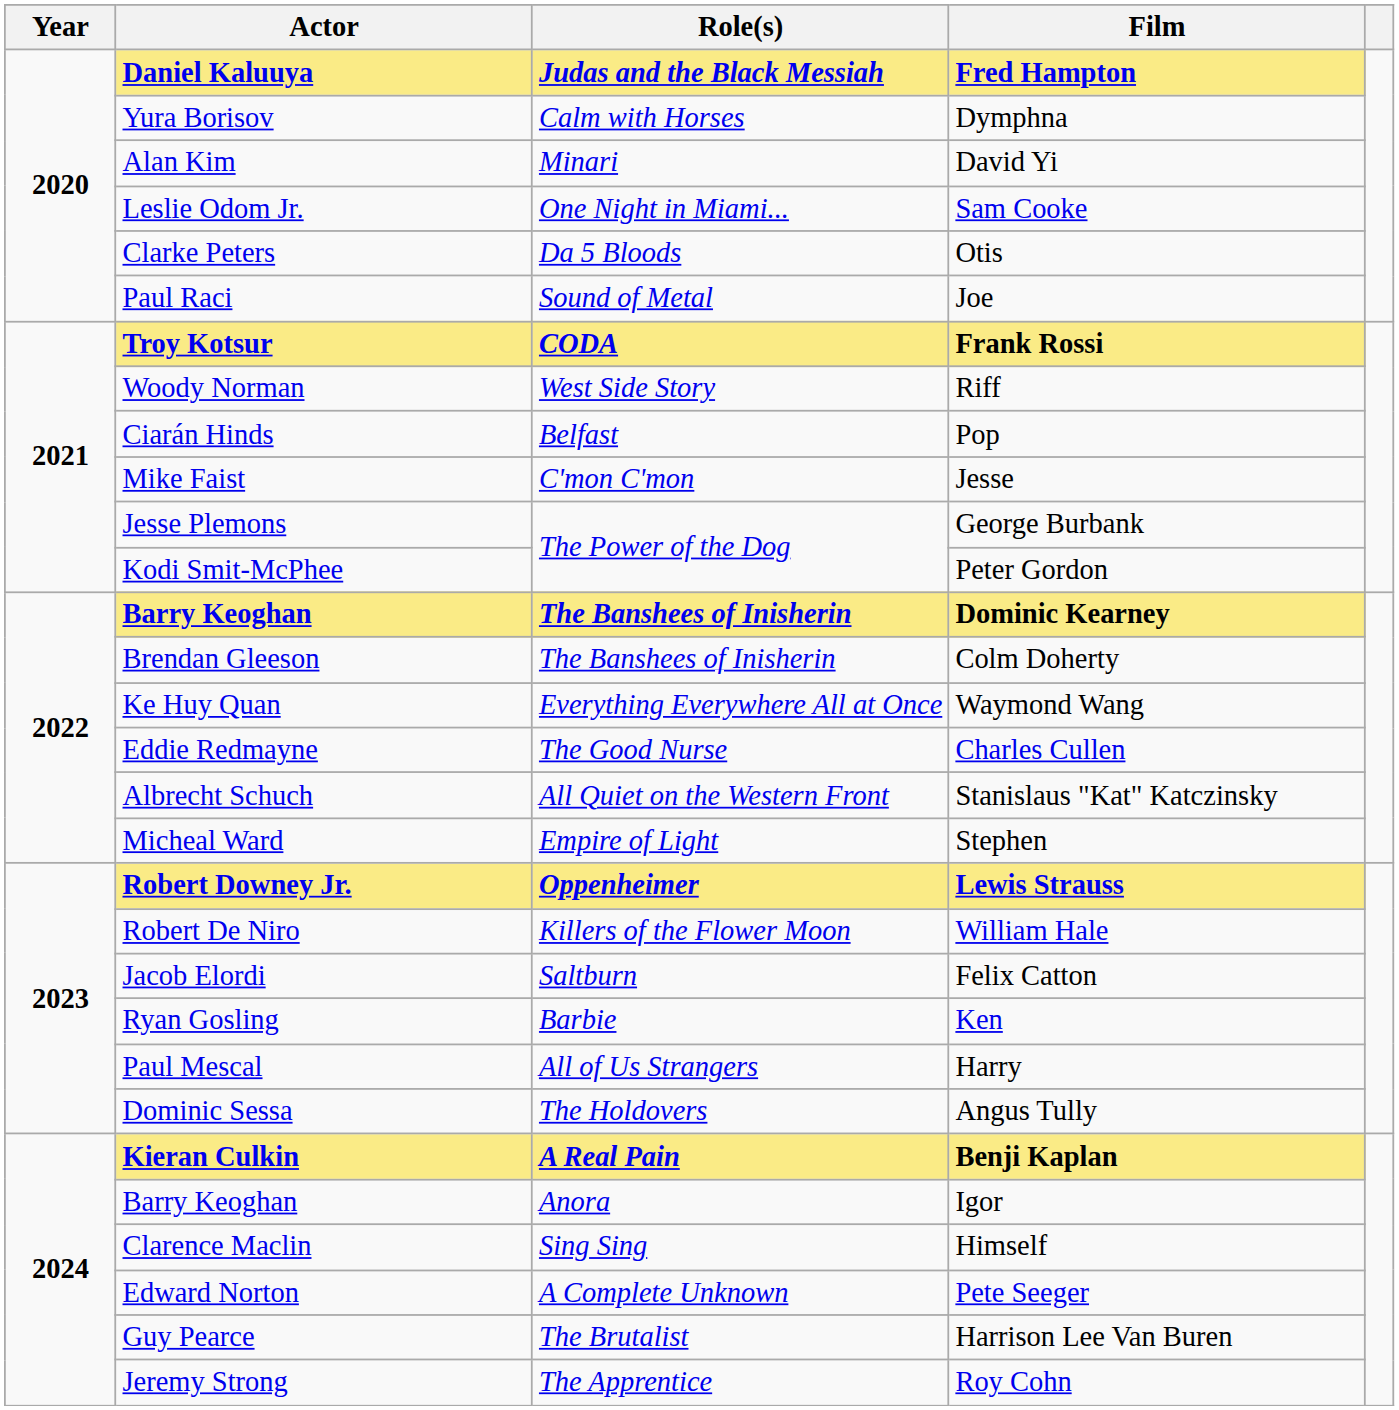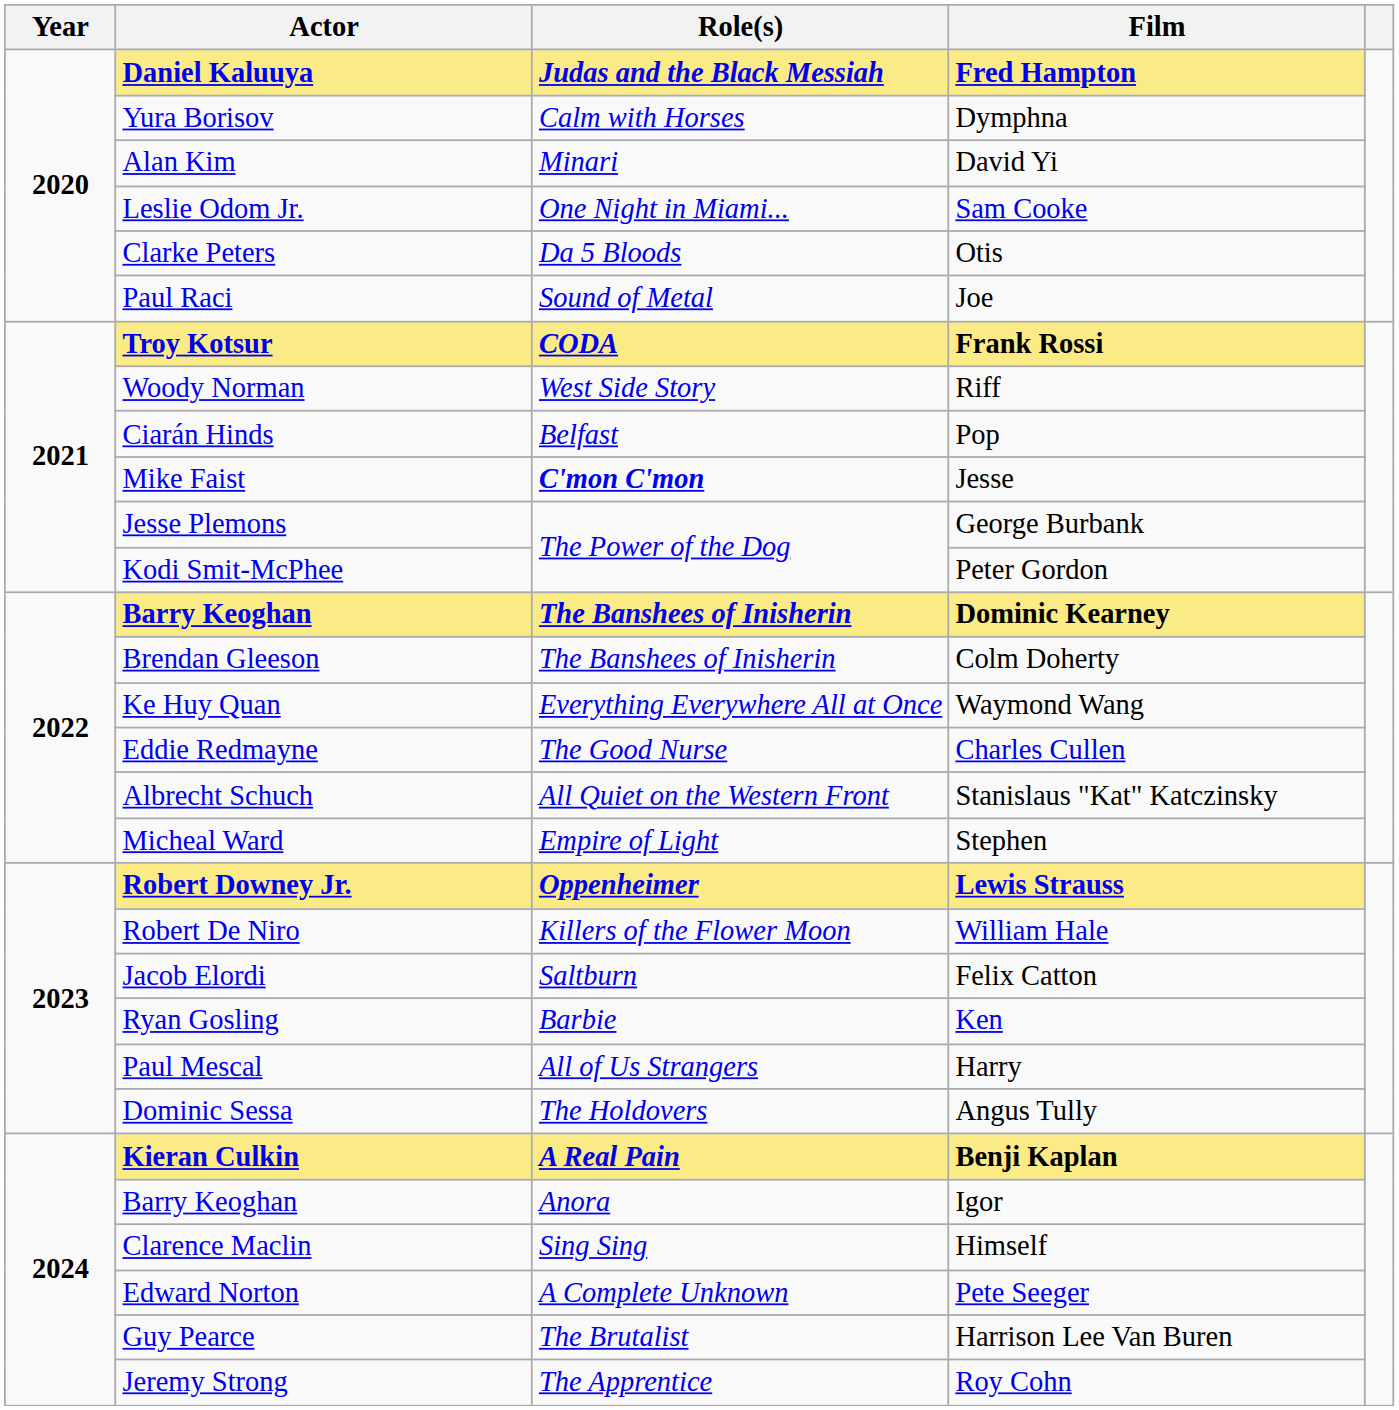 <table class="wikitable sortable">
 <tr>
 <th scope="col" style="width:8%;">Year</th>
 <th scope="col" style="width:30%;">Actor</th>
 <th scope="col" style="width:30%;">Role(s)</th>
 <th scope="col" style="width:30%;">Film</th>
 <th scope="col" style="width:2%;" class="unsortable"></th>
 </tr>
 <tr>
 <td rowspan="6", align=center><strong>2020</strong><br></td>
 <td style="background:#FAEB86"><strong><a href='#'>Daniel Kaluuya</a></strong></td>
 <td style="background:#FAEB86"><strong><em><a href='#'>Judas and the Black Messiah</a></em></strong></td>
 <td style="background:#FAEB86"><strong><a href='#'>Fred Hampton</a></strong></td>
 <td rowspan=6></td>
 </tr>
 <tr>
 <td><a href='#'>Yura Borisov</a></td>
 <td><em><a href='#'>Calm with Horses</a></em></td>
 <td>Dymphna</td>
 </tr>
 <tr>
 <td><a href='#'>Alan Kim</a></td>
 <td><em><a href='#'>Minari</a></em></td>
 <td>David Yi</td>
 </tr>
 <tr>
 <td><a href='#'>Leslie Odom Jr.</a></td>
 <td><em><a href='#'>One Night in Miami...</a></em></td>
 <td><a href='#'>Sam Cooke</a></td>
 </tr>
 <tr>
 <td><a href='#'>Clarke Peters</a></td>
 <td><em><a href='#'>Da 5 Bloods</a></em></td>
 <td>Otis</td>
 </tr>
 <tr>
 <td><a href='#'>Paul Raci</a></td>
 <td><em><a href='#'>Sound of Metal</a></em></td>
 <td>Joe</td>
 </tr>
 <tr>
 <td rowspan="6", align=center><strong>2021</strong><br></td>
 <td style="background:#FAEB86"><strong><a href='#'>Troy Kotsur</a></strong></td>
 <td style="background:#FAEB86"><strong><em><a href='#'>CODA</a></em></strong></td>
 <td style="background:#FAEB86"><strong>Frank Rossi</strong></td>
 <td rowspan=6></td>
 </tr>
 <tr>
 <td><a href='#'>Woody Norman</a></td>
 <td><em><a href='#'>West Side Story</a></em></td>
 <td>Riff</td>
 </tr>
 <tr>
 <td><a href='#'>Ciarán Hinds</a></td>
 <td><em><a href='#'>Belfast</a></em></td>
 <td>Pop</td>
 </tr>
 <tr>
 <td><a href='#'>Mike Faist</a></td>
-<td><em><a href='#'>C'mon C'mon</a></em></td>
+<td><strong><em><a href='#'>C'mon C'mon</a></em></strong></td>
 <td>Jesse</td>
 </tr>
 <tr>
 <td><a href='#'>Jesse Plemons</a></td>
 <td rowspan="2"><em><a href='#'>The Power of the Dog</a></em></td>
 <td>George Burbank</td>
 </tr>
 <tr>
 <td><a href='#'>Kodi Smit-McPhee</a></td>
 <td>Peter Gordon</td>
 </tr>
 <tr>
 <td rowspan="6", align=center><strong>2022</strong><br></td>
 <td style="background:#FAEB86"><strong><a href='#'>Barry Keoghan</a></strong></td>
 <td style="background:#FAEB86"><strong><em><a href='#'>The Banshees of Inisherin</a></em></strong></td>
 <td style="background:#FAEB86"><strong>Dominic Kearney</strong></td>
 <td rowspan=6></td>
 </tr>
 <tr>
 <td><a href='#'>Brendan Gleeson</a></td>
 <td><em><a href='#'>The Banshees of Inisherin</a></em></td>
 <td>Colm Doherty</td>
 </tr>
 <tr>
 <td><a href='#'>Ke Huy Quan</a></td>
 <td><em><a href='#'>Everything Everywhere All at Once</a></em></td>
 <td>Waymond Wang</td>
 </tr>
 <tr>
 <td><a href='#'>Eddie Redmayne</a></td>
 <td><em><a href='#'>The Good Nurse</a></em></td>
 <td><a href='#'>Charles Cullen</a></td>
 </tr>
 <tr>
 <td><a href='#'>Albrecht Schuch</a></td>
 <td><em><a href='#'>All Quiet on the Western Front</a></em></td>
 <td>Stanislaus "Kat" Katczinsky</td>
 </tr>
 <tr>
 <td><a href='#'>Micheal Ward</a></td>
 <td><em><a href='#'>Empire of Light</a></em></td>
 <td>Stephen</td>
 </tr>
 <tr>
 <td rowspan="6", align=center><strong>2023</strong><br></td>
 <td style="background:#FAEB86"><strong><a href='#'>Robert Downey Jr.</a></strong></td>
 <td style="background:#FAEB86"><strong><em><a href='#'>Oppenheimer</a></em></strong></td>
 <td style="background:#FAEB86"><strong><a href='#'>Lewis Strauss</a></strong></td>
 <td rowspan=6></td>
 </tr>
 <tr>
 <td><a href='#'>Robert De Niro</a></td>
 <td><em><a href='#'>Killers of the Flower Moon</a></em></td>
 <td><a href='#'>William Hale</a></td>
 </tr>
 <tr>
 <td><a href='#'>Jacob Elordi</a></td>
 <td><em><a href='#'>Saltburn</a></em></td>
 <td>Felix Catton</td>
 </tr>
 <tr>
 <td><a href='#'>Ryan Gosling</a></td>
 <td><em><a href='#'>Barbie</a></em></td>
 <td><a href='#'>Ken</a></td>
 </tr>
 <tr>
 <td><a href='#'>Paul Mescal</a></td>
 <td><em><a href='#'>All of Us Strangers</a></em></td>
 <td>Harry</td>
 </tr>
 <tr>
 <td><a href='#'>Dominic Sessa</a></td>
 <td><em><a href='#'>The Holdovers</a></em></td>
 <td>Angus Tully</td>
 </tr>
 <tr>
 <td rowspan="6", align=center><strong>2024</strong><br></td>
 <td style="background:#FAEB86"><strong><a href='#'>Kieran Culkin</a></strong></td>
 <td style="background:#FAEB86"><strong><em><a href='#'>A Real Pain</a></em></strong></td>
 <td style="background:#FAEB86"><strong>Benji Kaplan</strong></td>
 <td rowspan=6></td>
 </tr>
 <tr>
 <td><a href='#'>Barry Keoghan</a></td>
 <td><em><a href='#'>Anora</a></em></td>
 <td>Igor</td>
 </tr>
 <tr>
 <td><a href='#'>Clarence Maclin</a></td>
 <td><em><a href='#'>Sing Sing</a></em></td>
 <td>Himself</td>
 </tr>
 <tr>
 <td><a href='#'>Edward Norton</a></td>
 <td><em><a href='#'>A Complete Unknown</a></em></td>
 <td><a href='#'>Pete Seeger</a></td>
 </tr>
 <tr>
 <td><a href='#'>Guy Pearce</a></td>
 <td><em><a href='#'>The Brutalist</a></em></td>
 <td>Harrison Lee Van Buren</td>
 </tr>
 <tr>
 <td><a href='#'>Jeremy Strong</a></td>
 <td><em><a href='#'>The Apprentice</a></em></td>
 <td><a href='#'>Roy Cohn</a></td>
 </tr>
 </table>
